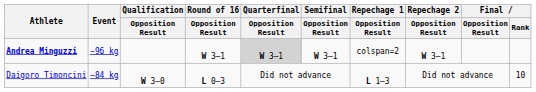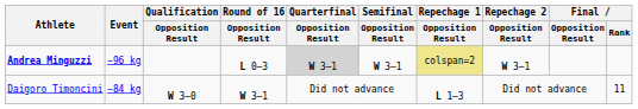 <table class="wikitable" style="font-size:90%">
 <tr>
 <th rowspan="2">Athlete</th>
 <th rowspan="2">Event</th>
 <th>Qualification</th>
 <th>Round of 16</th>
 <th>Quarterfinal</th>
 <th>Semifinal</th>
 <th>Repechage 1</th>
 <th>Repechage 2</th>
 <th colspan=2>Final / </th>
 </tr>
 <tr style="font-size: 95%">
 <th>Opposition<br>Result</th>
 <th>Opposition<br>Result</th>
 <th>Opposition<br>Result</th>
 <th>Opposition<br>Result</th>
 <th>Opposition<br>Result</th>
 <th>Opposition<br>Result</th>
 <th>Opposition<br>Result</th>
 <th>Rank</th>
 </tr>
 <tr align=center>
 <td align=left><strong><a href='#'>Andrea Minguzzi</a></strong></td>
 <td align=left><a href='#'>−96 kg</a></td>
 <td></td>
-<td> <br><strong>W</strong> 3–1 <sup></sup></td>
+<td><br><strong>L</strong> 0–3 <sup></sup></td>
 <td style="background: lightgrey;"><br><strong>W</strong> 3–1 <sup></sup></td>
 <td><br><strong>W</strong> 3–1 <sup></sup></td>
-<td>colspan=2 </td>
+<td style="background: khaki;">colspan=2 </td>
 <td><br><strong>W</strong> 3–1 <sup></sup></td>
 <td></td>
 </tr>
 <tr align=center>
 <td align=left><a href='#'>Daigoro Timoncini</a></td>
 <td align=left><a href='#'>−84 kg</a></td>
 <td><br><strong>W</strong> 3–0 <sup></sup></td>
-<td><br><strong>L</strong> 0–3 <sup></sup></td>
+<td> <br><strong>W</strong> 3–1 <sup></sup></td>
 <td colspan=2>Did not advance</td>
 <td><br><strong>L</strong> 1–3 <sup></sup></td>
 <td colspan=2>Did not advance</td>
-<td>10</td>
+<td>11</td>
 </tr>
 </table>
